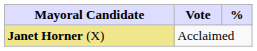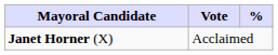 <table class="wikitable">
 <tr>
 <th style="background:#ddf; width:200px;">Mayoral Candidate</th>
 <th style="background:#ddf; width:50px;">Vote</th>
 <th style="background:#ddf; width:30px;">%</th>
 </tr>
 <tr>
-<td style="background: khaki;"><strong>Janet Horner</strong> (X)</td>
+<td><strong>Janet Horner</strong> (X)</td>
 <td colspan="2">Acclaimed</td>
 </tr>
 </table>
